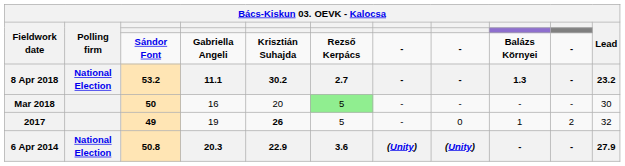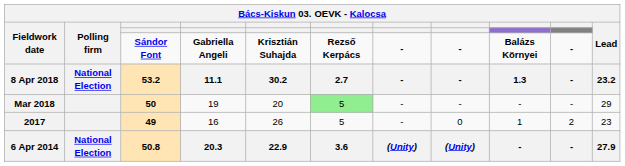 <table class="wikitable mw-collapsible mw-collapsed" style="text-align:center">
 <tr>
 <th colspan="11" style="width: 980pt;"><small><a href='#'>Bács-Kiskun</a> 03.</small> <small>OEVK - <a href='#'>Kalocsa</a></small></th>
 </tr>
 <tr>
 <th rowspan="3" style="width: 80pt;"><small>Fieldwork</small> <small>date</small></th>
 <th rowspan="3" style="width: 80pt;"><strong><small>Polling</small> <small>firm</small></strong></th>
 <th style="width: 100pt;"><small></small></th>
 <th style="width: 100pt;"><small> </small></th>
 <th style="width: 100pt;"></th>
 <th style="width: 100pt;"></th>
 <th style="width: 100pt;"></th>
 <th style="width: 100pt;"></th>
 <th style="width: 100pt;"></th>
 <th style="width: 100pt;"></th>
 <th rowspan="3" style="width: 20pt;"><small>Lead</small></th>
 </tr>
 <tr>
 <th style="color:inherit;background:"></th>
 <th style="color:inherit;background:"></th>
 <th style="color:inherit;background:"></th>
 <th style="color:inherit;background:"></th>
 <th style="color:inherit;background:"></th>
 <th style="color:inherit;background:"></th>
 <th style="color:inherit;background:#8E6FCE;"></th>
 <th style="color:inherit;background:#808080;"></th>
 </tr>
 <tr>
 <td><strong><small><a href='#'>Sándor Font</a></small></strong></td>
 <td><strong><small>Gabriella Angeli</small></strong></td>
 <td><strong><small>Krisztián Suhajda</small></strong></td>
 <td><strong><small>Rezső Kerpács</small></strong></td>
 <td><strong><small>-</small></strong></td>
 <td><strong><small>-</small></strong></td>
 <td><strong><small>Balázs Környei</small></strong></td>
 <td><strong><small>-</small></strong></td>
 </tr>
 <tr>
 <th><small>8 Apr 2018</small></th>
 <th><a href='#'><small>National Election</small></a></th>
 <th style="background:#FFE5B4"><small>53.2</small></th>
 <th><small>11.1</small></th>
 <th><small>30.2</small></th>
 <th><small>2.7</small></th>
 <th><small>-</small></th>
 <th><small>-</small></th>
 <th><small>1.3</small></th>
 <th><small>-</small></th>
 <th style="background:"><small>23.2</small></th>
 </tr>
 <tr>
 <th><small>Mar 2018</small></th>
 <th><small></small></th>
 <td style="background:#FFE5B4"><strong><small>50</small></strong></td>
-<td><small>16</small></td>
+<td><small>19</small></td>
 <td><small>20</small></td>
 <td style="background: lightgreen;"><small>5</small></td>
 <td><small>-</small></td>
 <td><small>-</small></td>
 <td><small>-</small></td>
 <td><small>-</small></td>
-<td style="background:"><small>30</small></td>
+<td style="background:"><small>29</small></td>
 </tr>
 <tr>
 <th><small>2017</small></th>
 <th><small></small></th>
 <td style="background:#FFE5B4"><strong><small>49</small></strong></td>
-<td><small>19</small></td>
-<td><strong><small>26</small></strong></td>
+<td><small>16</small></td>
+<td><small>26</small></td>
 <td><small>5</small></td>
 <td><small>-</small></td>
 <td><small>0</small></td>
 <td><small>1</small></td>
 <td><small>2</small></td>
-<td style="background:"><small>32</small></td>
+<td style="background:"><small>23</small></td>
 </tr>
 <tr>
 <th><small>6 Apr 2014</small></th>
 <th><a href='#'><small>National Election</small></a></th>
 <th style="background:#FFE5B4"><strong><small>50.8</small></strong></th>
 <th><small>20.3</small></th>
 <th><small>22.9</small></th>
 <th><small>3.6</small></th>
 <th><small><em>(<a href='#'>Unity</a>)</em></small></th>
 <th><small><em>(<a href='#'>Unity</a>)</em></small></th>
 <th><small>-</small></th>
 <th><small>-</small></th>
 <th style="background:"><small>27.9</small></th>
 </tr>
 </table>
